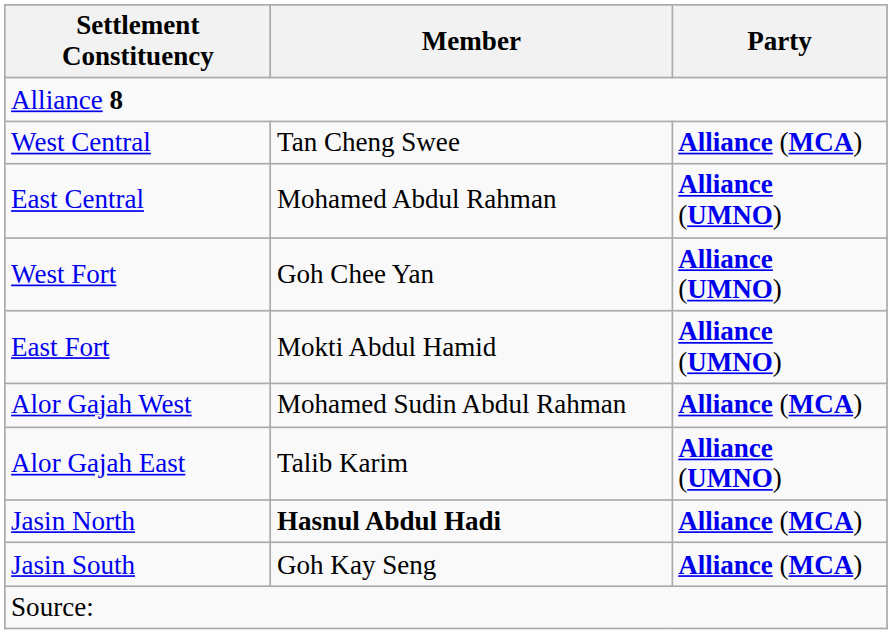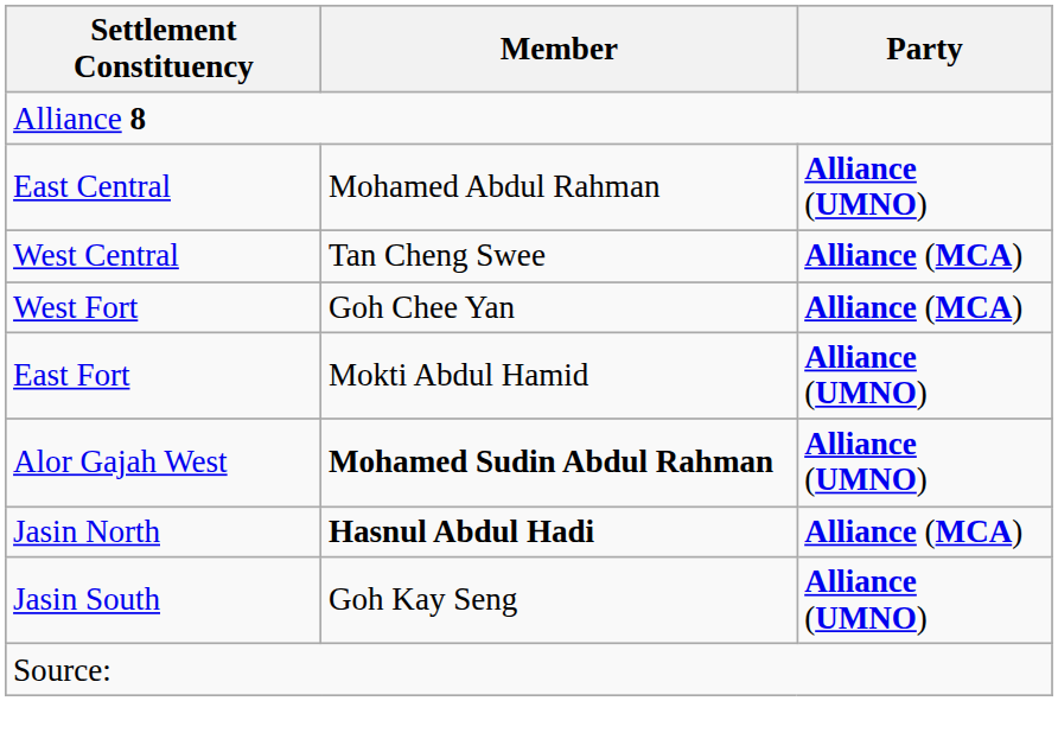 <table class="wikitable sortable">
 <tr>
 <th style="width:150px;">Settlement Constituency</th>
 <th style="width:230px;">Member</th>
 <th style="width:120px;">Party</th>
 </tr>
 <tr>
 <td colspan="3"><a href='#'>Alliance</a> <strong>8</strong></td>
 </tr>
 <tr>
+<td><a href='#'>East Central</a></td>
+<td>Mohamed Abdul Rahman</td>
+<td><strong><a href='#'>Alliance</a></strong> (<strong><a href='#'>UMNO</a></strong>)</td>
+</tr>
+<tr>
 <td><a href='#'>West Central</a></td>
 <td>Tan Cheng Swee</td>
 <td><strong><a href='#'>Alliance</a></strong> (<strong><a href='#'>MCA</a></strong>)</td>
 </tr>
 <tr>
-<td><a href='#'>East Central</a></td>
-<td>Mohamed Abdul Rahman</td>
-<td><strong><a href='#'>Alliance</a></strong> (<strong><a href='#'>UMNO</a></strong>)</td>
-</tr>
-<tr>
 <td><a href='#'>West Fort</a></td>
 <td>Goh Chee Yan</td>
-<td><strong><a href='#'>Alliance</a></strong> (<strong><a href='#'>UMNO</a></strong>)</td>
+<td><strong><a href='#'>Alliance</a></strong> (<strong><a href='#'>MCA</a></strong>)</td>
 </tr>
 <tr>
 <td><a href='#'>East Fort</a></td>
 <td>Mokti Abdul Hamid</td>
 <td><strong><a href='#'>Alliance</a></strong> (<strong><a href='#'>UMNO</a></strong>)</td>
 </tr>
 <tr>
 <td><a href='#'>Alor Gajah West</a></td>
-<td>Mohamed Sudin Abdul Rahman</td>
-<td><strong><a href='#'>Alliance</a></strong> (<strong><a href='#'>MCA</a></strong>)</td>
-</tr>
-<tr>
-<td><a href='#'>Alor Gajah East</a></td>
-<td>Talib Karim</td>
+<td><strong>Mohamed Sudin Abdul Rahman</strong></td>
 <td><strong><a href='#'>Alliance</a></strong> (<strong><a href='#'>UMNO</a></strong>)</td>
 </tr>
 <tr>
 <td><a href='#'>Jasin North</a></td>
 <td><strong>Hasnul Abdul Hadi</strong></td>
 <td><strong><a href='#'>Alliance</a></strong> (<strong><a href='#'>MCA</a></strong>)</td>
 </tr>
 <tr>
 <td><a href='#'>Jasin South</a></td>
 <td>Goh Kay Seng</td>
-<td><strong><a href='#'>Alliance</a></strong> (<strong><a href='#'>MCA</a></strong>)</td>
+<td><strong><a href='#'>Alliance</a></strong> (<strong><a href='#'>UMNO</a></strong>)</td>
 </tr>
 <tr>
 <td colspan="3">Source:</td>
 </tr>
 </table>
